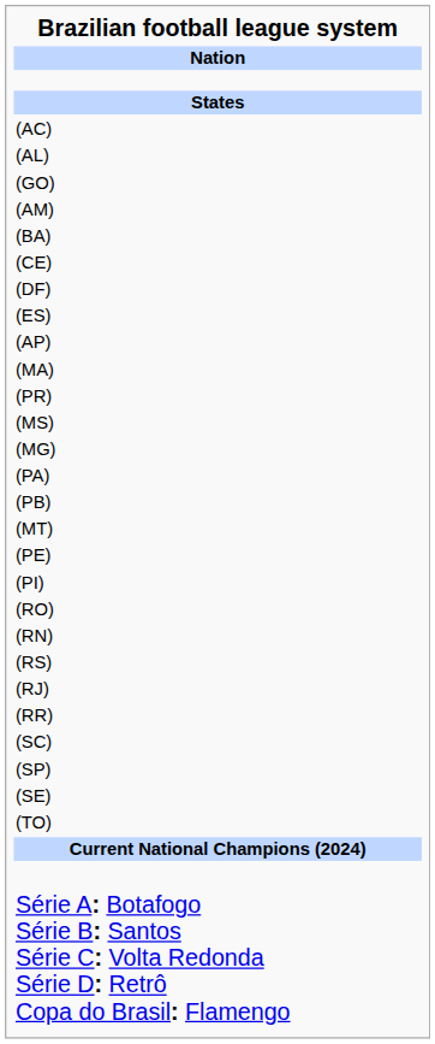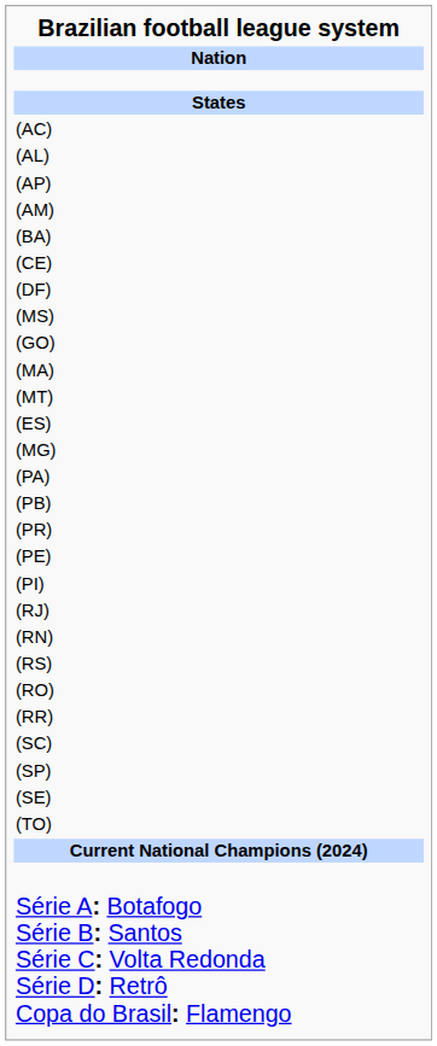 <table class="infobox football" style="width: 18em;">
 <tr>
 <th style="font-size: 16px; text-align: center;">Brazilian football league system</th>
 </tr>
 <tr>
 <td style="font-size: 12px; text-align: center; background: #BFD7FF;"><strong>Nation</strong></td>
 </tr>
 <tr>
 <td style="font-size: 12px; text-align: center;"></td>
 </tr>
 <tr>
 <td style="font-size: 11px; text-align: center; line-height: 15px;"></td>
 </tr>
 <tr>
 <td style="font-size: 11px; line-height: 15px;"></td>
 </tr>
 <tr>
 <td style="font-size: 12px; text-align: center; background: #BFD7FF;"><strong>States</strong></td>
 </tr>
 <tr>
 <td style="font-size: 12px;"> (AC)</td>
 </tr>
 <tr>
 <td style="font-size: 12px;"> (AL)</td>
 </tr>
 <tr>
-<td style="font-size: 12px;"> (GO)</td>
+<td style="font-size: 12px;"> (AP)</td>
 </tr>
 <tr>
 <td style="font-size: 12px;"> (AM)</td>
 </tr>
 <tr>
 <td style="font-size: 12px;"> (BA)</td>
 </tr>
 <tr>
 <td style="font-size: 12px;"> (CE)</td>
 </tr>
 <tr>
 <td style="font-size: 12px;"> (DF)</td>
 </tr>
 <tr>
-<td style="font-size: 12px;"> (ES)</td>
+<td style="font-size: 12px;"> (MS)</td>
 </tr>
 <tr>
-<td style="font-size: 12px;"> (AP)</td>
+<td style="font-size: 12px;"> (GO)</td>
 </tr>
 <tr>
 <td style="font-size: 12px;"> (MA)</td>
 </tr>
 <tr>
-<td style="font-size: 12px;"> (PR)</td>
+<td style="font-size: 12px;"> (MT)</td>
 </tr>
 <tr>
-<td style="font-size: 12px;"> (MS)</td>
+<td style="font-size: 12px;"> (ES)</td>
 </tr>
 <tr>
 <td style="font-size: 12px;"> (MG)</td>
 </tr>
 <tr>
 <td style="font-size: 12px;"> (PA)</td>
 </tr>
 <tr>
 <td style="font-size: 12px;"> (PB)</td>
 </tr>
 <tr>
-<td style="font-size: 12px;"> (MT)</td>
+<td style="font-size: 12px;"> (PR)</td>
 </tr>
 <tr>
 <td style="font-size: 12px;"> (PE)</td>
 </tr>
 <tr>
 <td style="font-size: 12px;"> (PI)</td>
 </tr>
 <tr>
-<td style="font-size: 12px;"> (RO)</td>
+<td style="font-size: 12px;"> (RJ)</td>
 </tr>
 <tr>
 <td style="font-size: 12px;"> (RN)</td>
 </tr>
 <tr>
 <td style="font-size: 12px;"> (RS)</td>
 </tr>
 <tr>
-<td style="font-size: 12px;"> (RJ)</td>
+<td style="font-size: 12px;"> (RO)</td>
 </tr>
 <tr>
 <td style="font-size: 12px;"> (RR)</td>
 </tr>
 <tr>
 <td style="font-size: 12px;"> (SC)</td>
 </tr>
 <tr>
 <td style="font-size: 12px;"> (SP)</td>
 </tr>
 <tr>
 <td style="font-size: 12px;"> (SE)</td>
 </tr>
 <tr>
 <td style="font-size: 12px;"> (TO)</td>
 </tr>
 <tr>
 <td style="font-size: 12px; background: #BFD7FF; text-align: center;"><strong>Current National Champions (2024)</strong></td>
 </tr>
 <tr>
 <td><br><a href='#'>Série A</a><strong>:</strong> <a href='#'>Botafogo</a><br><a href='#'>Série B</a><strong>:</strong> <a href='#'>Santos</a><br><a href='#'>Série C</a><strong>:</strong> <a href='#'>Volta Redonda</a><br><a href='#'>Série D</a><strong>:</strong> <a href='#'>Retrô</a><br><a href='#'>Copa do Brasil</a><strong>:</strong> <a href='#'>Flamengo</a></td>
 </tr>
 <tr>
 </tr>
 </table>
